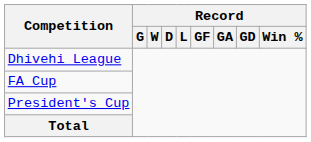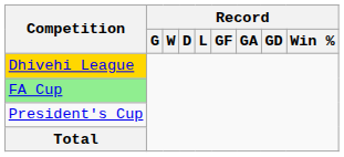 <table class="wikitable" style="text-align: center">
 <tr>
 <th rowspan="2">Competition</th>
 <th colspan="9">Record</th>
 </tr>
 <tr>
 <th>G</th>
 <th>W</th>
 <th>D</th>
 <th>L</th>
 <th>GF</th>
 <th>GA</th>
 <th>GD</th>
 <th>Win %</th>
 </tr>
 <tr>
-<td style="text-align: left"><a href='#'>Dhivehi League</a><br></td>
+<td style="background: gold; text-align: left"><a href='#'>Dhivehi League</a><br></td>
 </tr>
 <tr>
-<td style="text-align: left"><a href='#'>FA Cup</a><br></td>
+<td style="background: lightgreen; text-align: left"><a href='#'>FA Cup</a><br></td>
 </tr>
 <tr>
 <td style="text-align: left"><a href='#'>President's Cup</a><br></td>
 </tr>
 <tr>
 <th>Total<br></th>
 </tr>
 </table>
